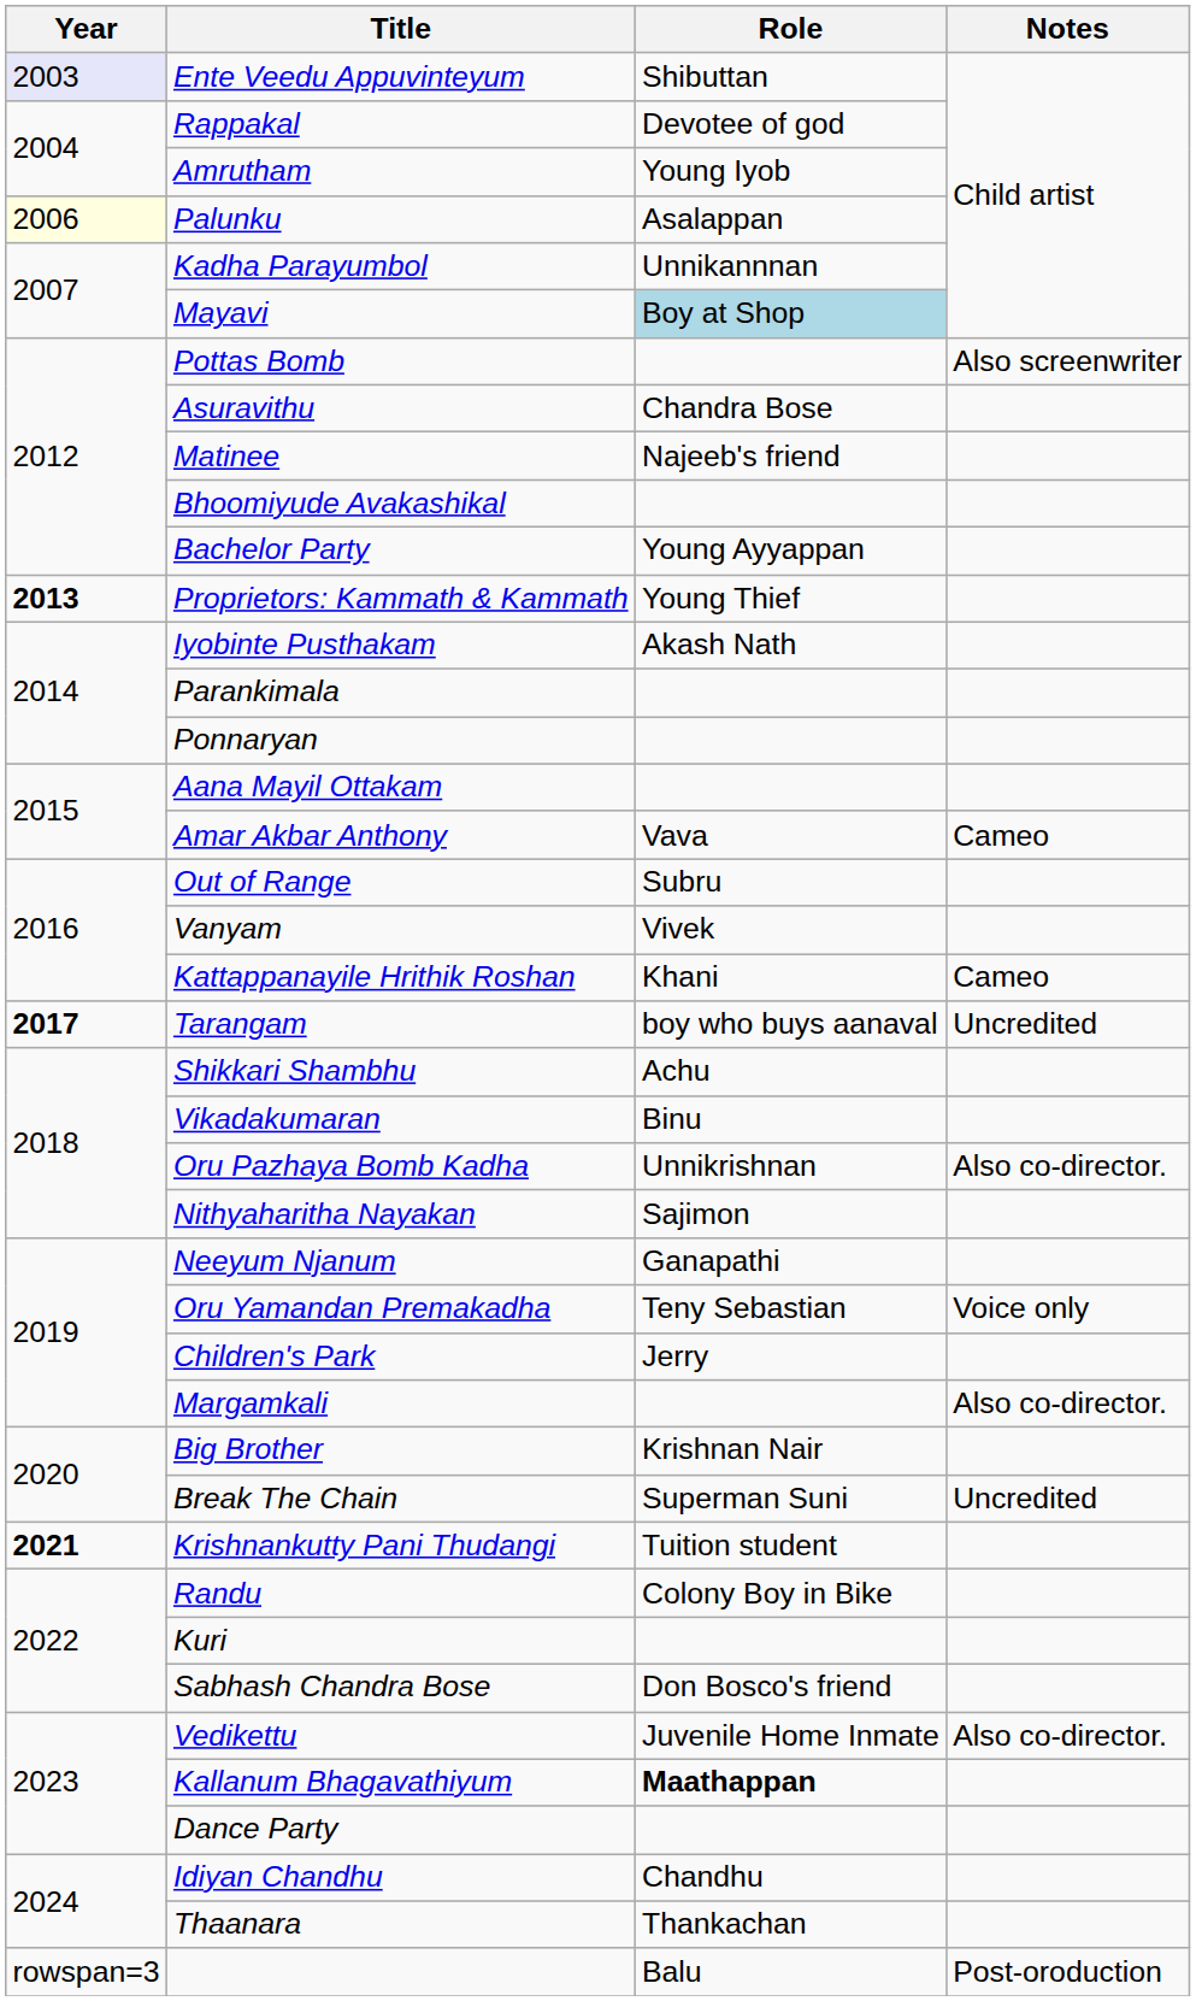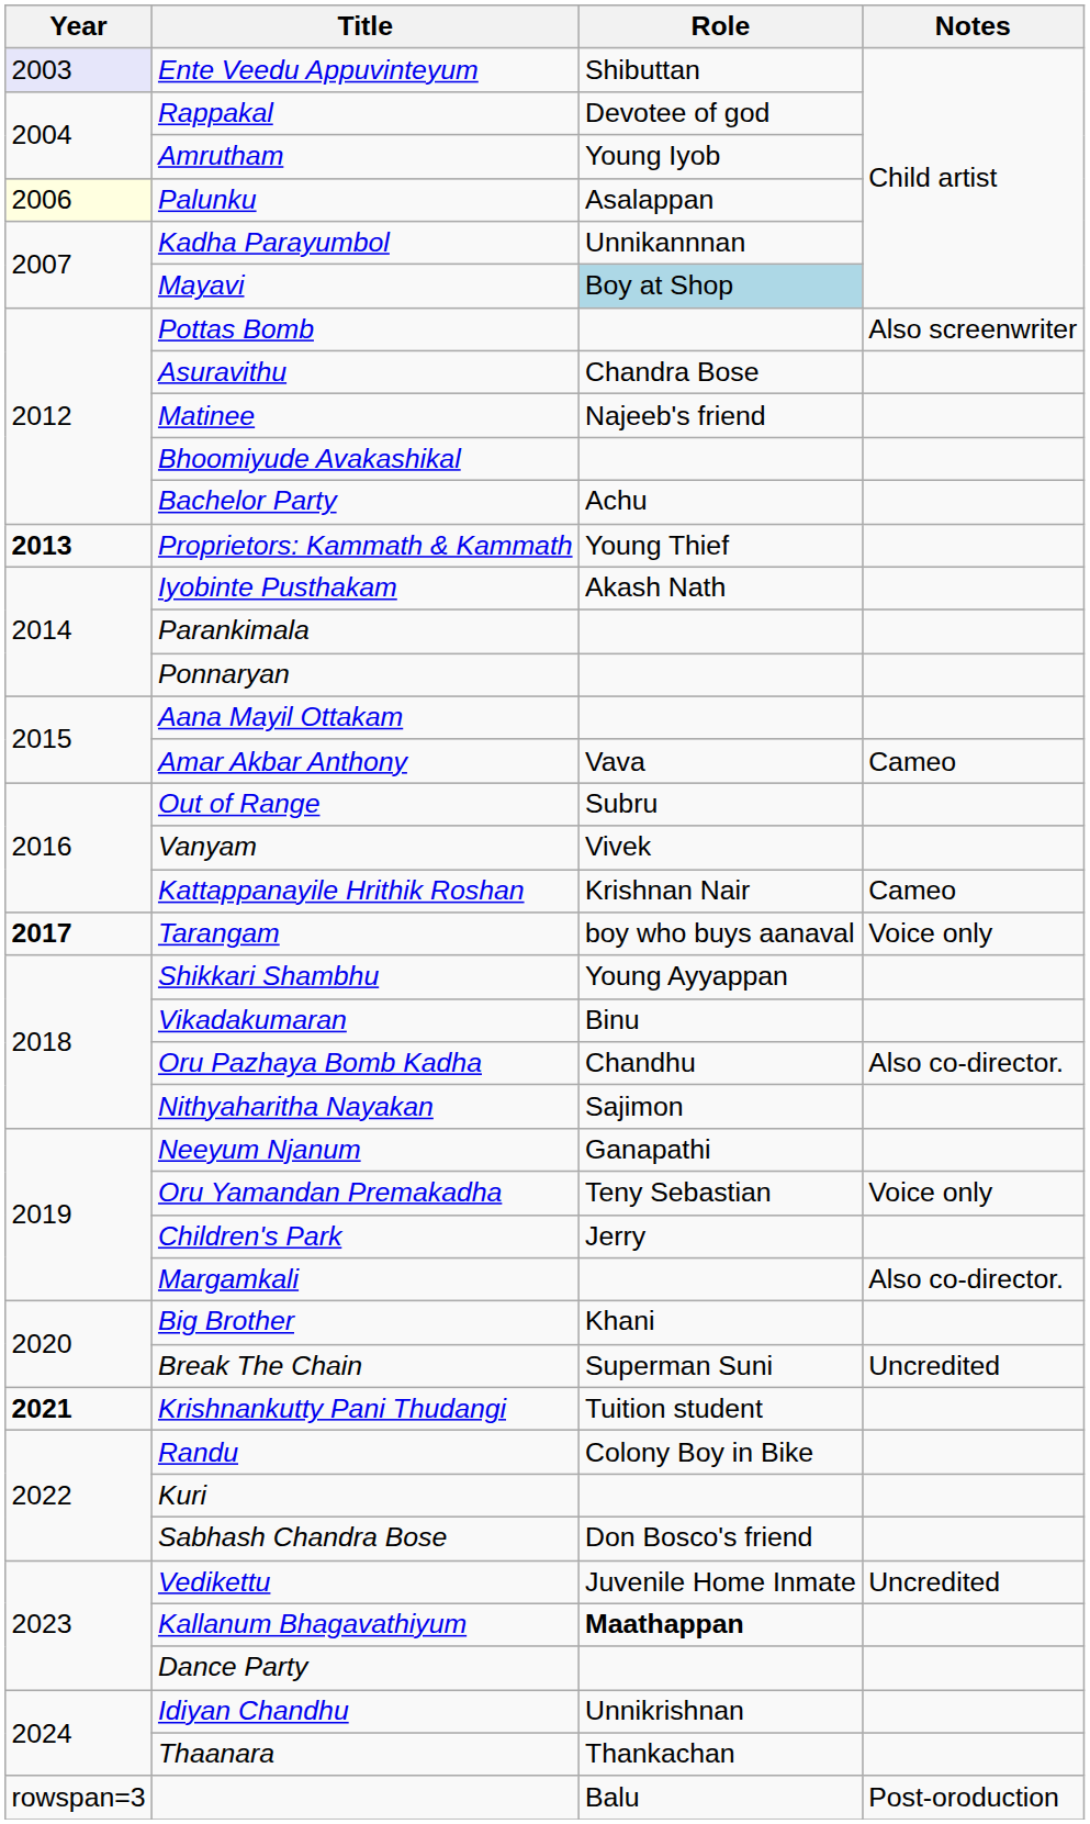 <table class="wikitable sortable">
 <tr>
 <th>Year</th>
 <th>Title</th>
 <th>Role</th>
 <th class="unsortable">Notes</th>
 </tr>
 <tr>
 <td style="background: lavender;">2003</td>
 <td><em><a href='#'>Ente Veedu Appuvinteyum</a></em></td>
 <td>Shibuttan</td>
 <td rowspan=6>Child artist</td>
 </tr>
 <tr>
 <td rowspan=2>2004</td>
 <td><em><a href='#'>Rappakal</a></em></td>
 <td>Devotee of god</td>
 </tr>
 <tr>
 <td><em><a href='#'>Amrutham</a></em></td>
 <td>Young Iyob</td>
 </tr>
 <tr>
 <td style="background: lightyellow;">2006</td>
 <td><em><a href='#'>Palunku</a></em></td>
 <td>Asalappan</td>
 </tr>
 <tr>
 <td rowspan=2>2007</td>
 <td><em><a href='#'>Kadha Parayumbol</a></em></td>
 <td>Unnikannnan</td>
 </tr>
 <tr>
 <td><em><a href='#'>Mayavi</a></em></td>
 <td style="background: lightblue;">Boy at Shop</td>
 </tr>
 <tr>
 <td rowspan=5>2012</td>
 <td><em><a href='#'>Pottas Bomb</a></em></td>
 <td></td>
 <td>Also screenwriter</td>
 </tr>
 <tr>
 <td><em><a href='#'>Asuravithu</a></em></td>
 <td>Chandra Bose</td>
 <td></td>
 </tr>
 <tr>
 <td><em><a href='#'>Matinee</a></em></td>
 <td>Najeeb's friend</td>
 <td></td>
 </tr>
 <tr>
 <td><em><a href='#'>Bhoomiyude Avakashikal</a></em></td>
 <td></td>
 <td></td>
 </tr>
 <tr>
 <td><em><a href='#'>Bachelor Party</a></em></td>
-<td>Young Ayyappan</td>
+<td>Achu</td>
 <td></td>
 </tr>
 <tr>
 <td><strong>2013</strong></td>
 <td><em><a href='#'>Proprietors: Kammath & Kammath</a></em></td>
 <td>Young Thief</td>
 <td></td>
 </tr>
 <tr>
 <td rowspan=3>2014</td>
 <td><em><a href='#'>Iyobinte Pusthakam</a></em></td>
 <td>Akash Nath</td>
 <td></td>
 </tr>
 <tr>
 <td><em>Parankimala</em></td>
 <td></td>
 <td></td>
 </tr>
 <tr>
 <td><em>Ponnaryan</em></td>
 <td></td>
 <td></td>
 </tr>
 <tr>
 <td rowspan=2>2015</td>
 <td><em><a href='#'>Aana Mayil Ottakam</a></em></td>
 <td></td>
 <td></td>
 </tr>
 <tr>
 <td><em><a href='#'>Amar Akbar Anthony</a></em></td>
 <td>Vava</td>
 <td>Cameo</td>
 </tr>
 <tr>
 <td rowspan=3>2016</td>
 <td><em><a href='#'>Out of Range</a></em></td>
 <td>Subru</td>
 <td></td>
 </tr>
 <tr>
 <td><em>Vanyam</em></td>
 <td>Vivek</td>
 <td></td>
 </tr>
 <tr>
 <td><em><a href='#'>Kattappanayile Hrithik Roshan</a></em></td>
-<td>Khani</td>
+<td>Krishnan Nair</td>
 <td>Cameo</td>
 </tr>
 <tr>
 <td><strong>2017</strong></td>
 <td><em><a href='#'>Tarangam</a></em></td>
 <td>boy who buys aanaval</td>
-<td>Uncredited</td>
+<td>Voice only</td>
 </tr>
 <tr>
 <td rowspan=4>2018</td>
 <td><em><a href='#'>Shikkari Shambhu</a></em></td>
-<td>Achu</td>
+<td>Young Ayyappan</td>
 <td></td>
 </tr>
 <tr>
 <td><em><a href='#'>Vikadakumaran</a></em></td>
 <td>Binu</td>
 <td></td>
 </tr>
 <tr>
 <td><em><a href='#'>Oru Pazhaya Bomb Kadha</a></em></td>
-<td>Unnikrishnan</td>
+<td>Chandhu</td>
 <td>Also co-director.</td>
 </tr>
 <tr>
 <td><em><a href='#'>Nithyaharitha Nayakan</a></em></td>
 <td>Sajimon</td>
 <td></td>
 </tr>
 <tr>
 <td rowspan=4>2019</td>
 <td><em><a href='#'>Neeyum Njanum</a></em></td>
 <td>Ganapathi</td>
 <td></td>
 </tr>
 <tr>
 <td><em><a href='#'>Oru Yamandan Premakadha</a></em></td>
 <td>Teny Sebastian</td>
 <td>Voice only</td>
 </tr>
 <tr>
 <td><em><a href='#'>Children's Park</a></em></td>
 <td>Jerry</td>
 <td></td>
 </tr>
 <tr>
 <td><em><a href='#'>Margamkali</a></em></td>
 <td></td>
 <td>Also co-director.</td>
 </tr>
 <tr>
 <td rowspan="2">2020</td>
 <td><em><a href='#'>Big Brother</a></em></td>
-<td>Krishnan Nair</td>
+<td>Khani</td>
 <td></td>
 </tr>
 <tr>
 <td><em>Break The Chain</em></td>
 <td>Superman Suni</td>
 <td>Uncredited</td>
 </tr>
 <tr>
 <td><strong>2021</strong></td>
 <td><em><a href='#'>Krishnankutty Pani Thudangi</a> </em></td>
 <td>Tuition student</td>
 <td></td>
 </tr>
 <tr>
 <td rowspan=3>2022</td>
 <td><em><a href='#'>Randu</a></em></td>
 <td>Colony Boy in Bike</td>
 <td></td>
 </tr>
 <tr>
 <td><em>Kuri</em></td>
 <td></td>
 <td></td>
 </tr>
 <tr>
 <td><em>Sabhash Chandra Bose</em></td>
 <td>Don Bosco's friend</td>
 <td></td>
 </tr>
 <tr>
 <td rowspan=3>2023</td>
 <td><em><a href='#'>Vedikettu</a></em></td>
 <td>Juvenile Home Inmate</td>
-<td>Also co-director.</td>
+<td>Uncredited</td>
 </tr>
 <tr>
 <td><em><a href='#'>Kallanum Bhagavathiyum</a></em></td>
 <td><strong>Maathappan</strong></td>
 <td></td>
 </tr>
 <tr>
 <td><em>Dance Party</em></td>
 <td></td>
 <td></td>
 </tr>
 <tr>
 <td rowspan=2>2024</td>
 <td><em><a href='#'>Idiyan Chandhu</a></em></td>
-<td>Chandhu</td>
+<td>Unnikrishnan</td>
 <td></td>
 </tr>
 <tr>
 <td><em>Thaanara</em></td>
 <td>Thankachan</td>
 <td></td>
 </tr>
 <tr>
 <td>rowspan=3 </td>
 <td></td>
 <td>Balu</td>
 <td>Post-oroduction</td>
 </tr>
 </table>
